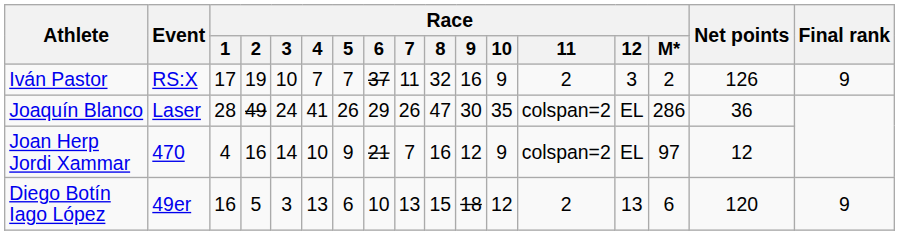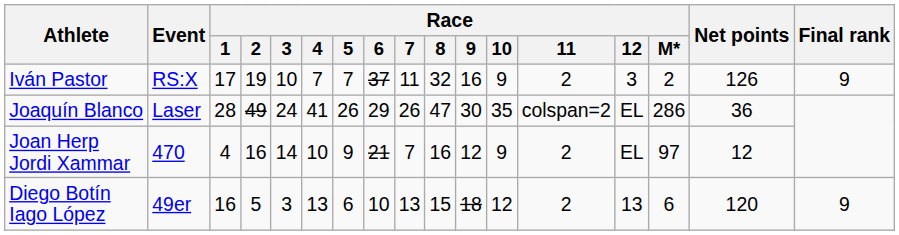 <table class="wikitable" style="font-size:90%">
 <tr>
 <th rowspan="2">Athlete</th>
 <th rowspan="2">Event</th>
 <th colspan=13>Race</th>
 <th rowspan=2>Net points</th>
 <th rowspan=2>Final rank</th>
 </tr>
 <tr style="font-size:95%">
 <th>1</th>
 <th>2</th>
 <th>3</th>
 <th>4</th>
 <th>5</th>
 <th>6</th>
 <th>7</th>
 <th>8</th>
 <th>9</th>
 <th>10</th>
 <th>11</th>
 <th>12</th>
 <th>M*</th>
 </tr>
 <tr align=center>
 <td align=left><a href='#'>Iván Pastor</a></td>
 <td align=left><a href='#'>RS:X</a></td>
 <td>17</td>
 <td>19</td>
 <td>10</td>
 <td>7</td>
 <td>7</td>
 <td><s>37</s></td>
 <td>11</td>
 <td>32</td>
 <td>16</td>
 <td>9</td>
 <td>2</td>
 <td>3</td>
 <td>2</td>
 <td>126</td>
 <td>9</td>
 </tr>
 <tr align=center>
 <td align=left><a href='#'>Joaquín Blanco</a></td>
 <td align=left><a href='#'>Laser</a></td>
 <td>28</td>
 <td><s>49</s></td>
 <td>24</td>
 <td>41</td>
 <td>26</td>
 <td>29</td>
 <td>26</td>
 <td>47</td>
 <td>30</td>
 <td>35</td>
 <td>colspan=2 </td>
 <td>EL</td>
 <td>286</td>
 <td>36</td>
 </tr>
 <tr align=center>
 <td align=left><a href='#'>Joan Herp</a><br><a href='#'>Jordi Xammar</a></td>
 <td align=left><a href='#'>470</a></td>
 <td>4</td>
 <td>16</td>
 <td>14</td>
 <td>10</td>
 <td>9</td>
 <td><s>21</s></td>
 <td>7</td>
 <td>16</td>
 <td>12</td>
 <td>9</td>
-<td>colspan=2 </td>
+<td>2</td>
 <td>EL</td>
 <td>97</td>
 <td>12</td>
 </tr>
 <tr align=center>
 <td align=left><a href='#'>Diego Botín</a><br><a href='#'>Iago López</a></td>
 <td align=left><a href='#'>49er</a></td>
 <td>16</td>
 <td>5</td>
 <td>3</td>
 <td>13</td>
 <td>6</td>
 <td>10</td>
 <td>13</td>
 <td>15</td>
 <td><s>18</s></td>
 <td>12</td>
 <td>2</td>
 <td>13</td>
 <td>6</td>
 <td>120</td>
 <td>9</td>
 </tr>
 </table>
